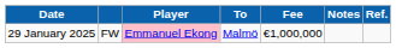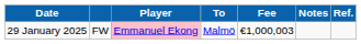 <table class="wikitable">
 <tr>
 <th style="background:#0962AB;color:white">Date</th>
 <th style="background:#0962AB;color:white"></th>
 <th style="background:#0962AB;color:white">Player</th>
 <th style="background:#0962AB;color:white">To</th>
 <th style="background:#0962AB;color:white">Fee</th>
 <th style="background:#0962AB;color:white">Notes</th>
 <th style="background:#0962AB;color:white">Ref.</th>
 </tr>
 <tr>
 <td>29 January 2025</td>
 <td>FW</td>
 <td style="background: pink;"> <a href='#'>Emmanuel Ekong</a></td>
 <td> <a href='#'>Malmö</a></td>
-<td>€1,000,000</td>
+<td>€1,000,003</td>
 <td></td>
 <td></td>
 </tr>
 </table>
